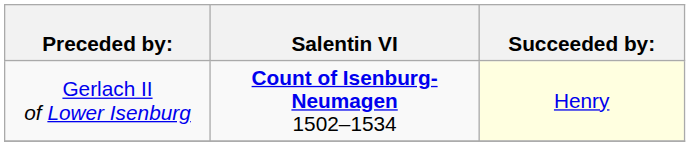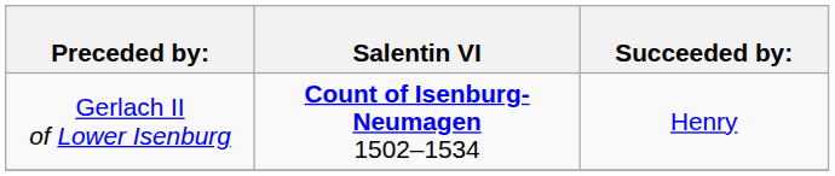 <table class="wikitable" style="margin:1em auto;">
 <tr align="center">
 <th width=150px><br>Preceded by:</th>
 <th width=200px><br>Salentin VI</th>
 <th width=150px><br>Succeeded by:</th>
 </tr>
 <tr align="center">
 <td><a href='#'>Gerlach II</a><br><em>of <a href='#'>Lower Isenburg</a></em></td>
 <td><strong><a href='#'>Count of Isenburg-Neumagen</a></strong><br>1502–1534</td>
-<td style="background: lightyellow;"><a href='#'>Henry</a></td>
+<td><a href='#'>Henry</a></td>
 </tr>
 <tr>
 </tr>
 </table>
